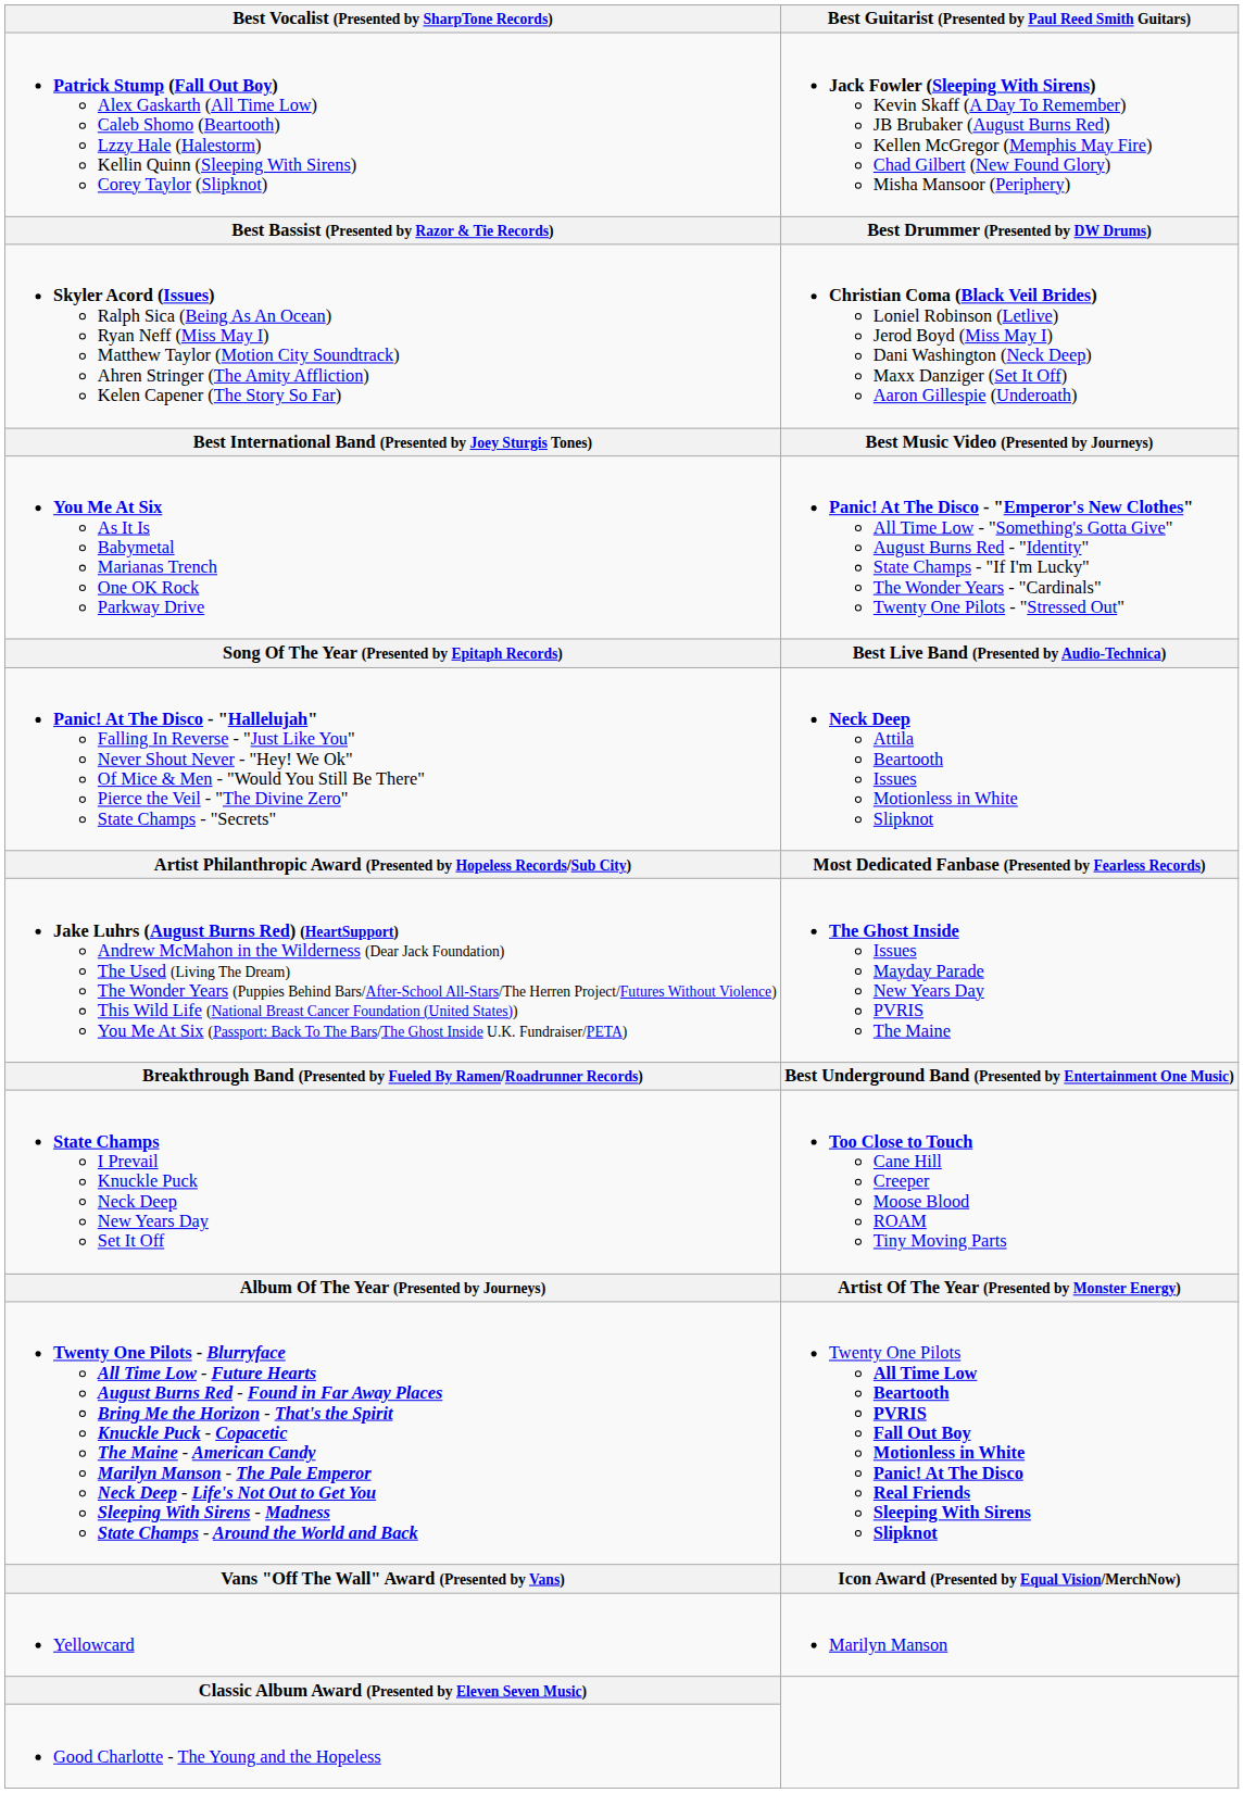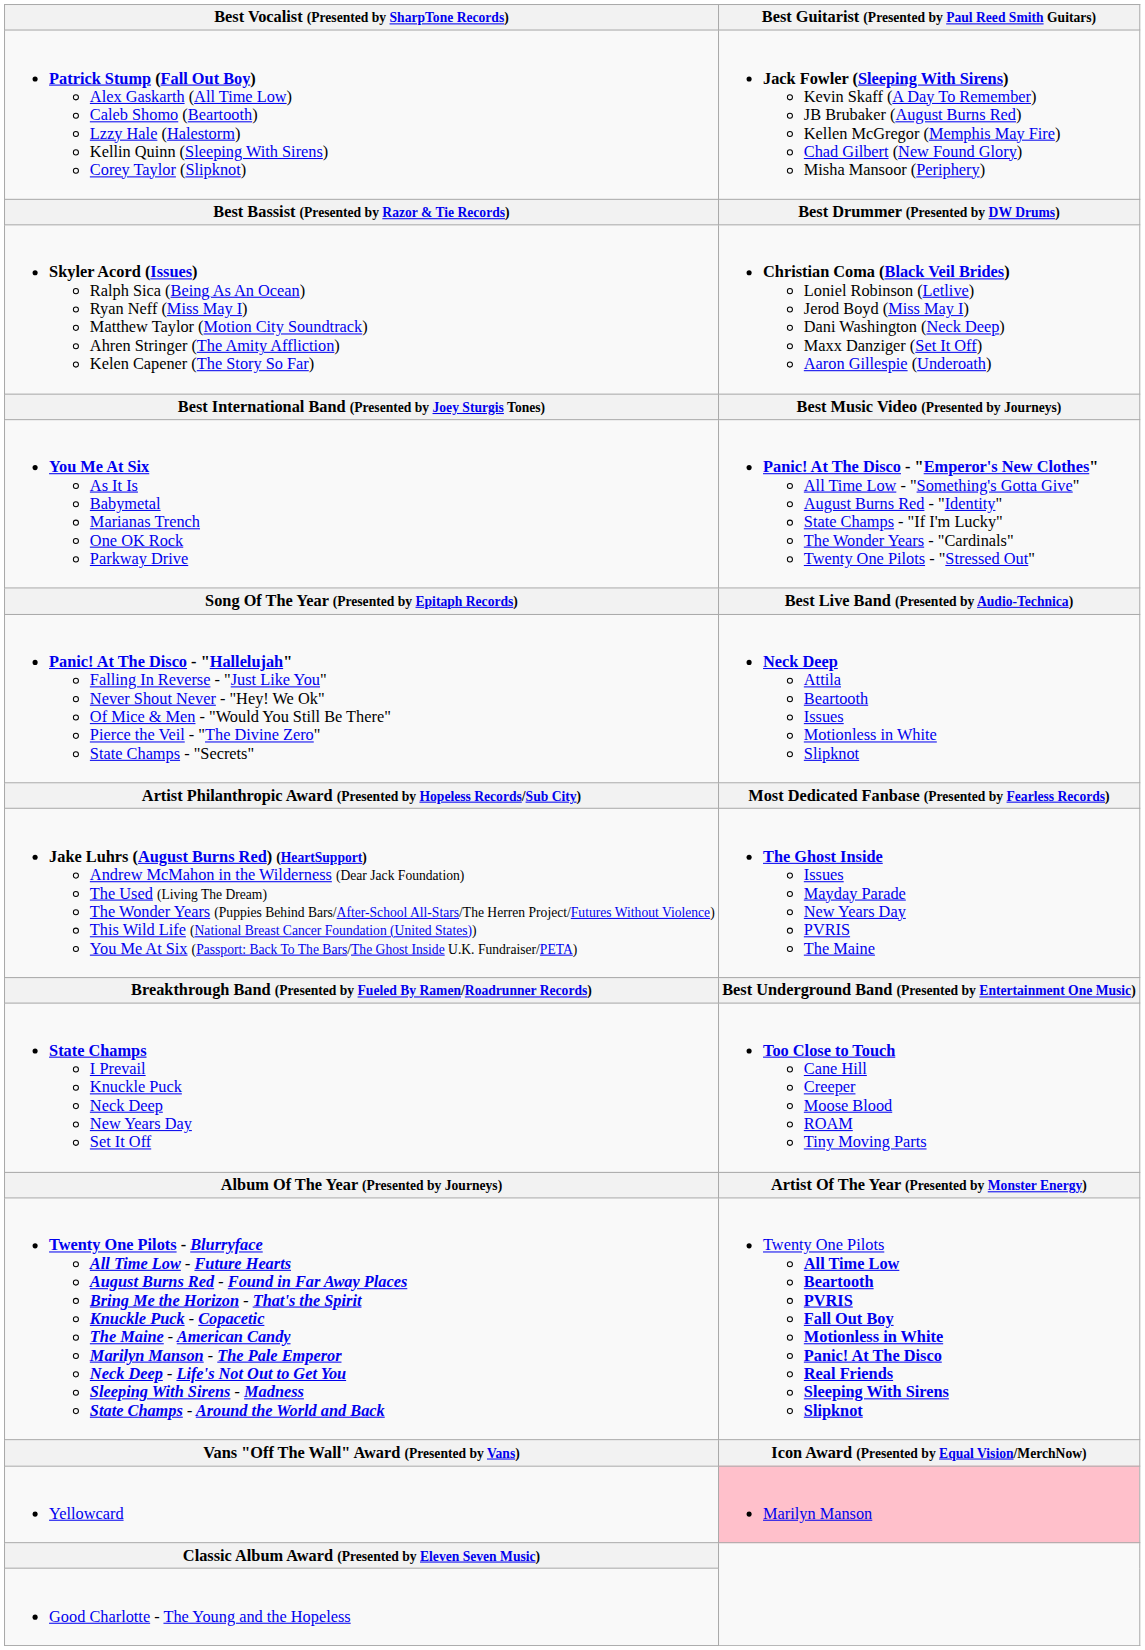 <table class="wikitable">
 <tr>
 <th>Best Vocalist <small>(Presented by <a href='#'>SharpTone Records</a>)</small></th>
 <th>Best Guitarist <small>(Presented by <a href='#'>Paul Reed Smith</a> Guitars)</small></th>
 </tr>
 <tr>
 <td valign="top"><br><ul><li><strong><a href='#'>Patrick Stump</a> (<a href='#'>Fall Out Boy</a>)</strong><ul><li><a href='#'>Alex Gaskarth</a> (<a href='#'>All Time Low</a>)</li><li><a href='#'>Caleb Shomo</a> (<a href='#'>Beartooth</a>)</li><li><a href='#'>Lzzy Hale</a> (<a href='#'>Halestorm</a>)</li><li>Kellin Quinn (<a href='#'>Sleeping With Sirens</a>)</li><li><a href='#'>Corey Taylor</a> (<a href='#'>Slipknot</a>)</li></ul></li></ul></td>
 <td valign="top"><br><ul><li><strong>Jack Fowler (<a href='#'>Sleeping With Sirens</a>)</strong><ul><li>Kevin Skaff (<a href='#'>A Day To Remember</a>)</li><li>JB Brubaker (<a href='#'>August Burns Red</a>)</li><li>Kellen McGregor (<a href='#'>Memphis May Fire</a>)</li><li><a href='#'>Chad Gilbert</a> (<a href='#'>New Found Glory</a>)</li><li>Misha Mansoor (<a href='#'>Periphery</a>)</li></ul></li></ul></td>
 </tr>
 <tr>
 <th>Best Bassist <small>(Presented by <a href='#'>Razor & Tie Records</a>)</small></th>
 <th>Best Drummer <small>(Presented by <a href='#'>DW Drums</a>)</small></th>
 </tr>
 <tr>
 <td valign="top"><br><ul><li><strong>Skyler Acord (<a href='#'>Issues</a>)</strong><ul><li>Ralph Sica (<a href='#'>Being As An Ocean</a>)</li><li>Ryan Neff (<a href='#'>Miss May I</a>)</li><li>Matthew Taylor (<a href='#'>Motion City Soundtrack</a>)</li><li>Ahren Stringer (<a href='#'>The Amity Affliction</a>)</li><li>Kelen Capener (<a href='#'>The Story So Far</a>)</li></ul></li></ul></td>
 <td valign="top"><br><ul><li><strong>Christian Coma (<a href='#'>Black Veil Brides</a>)</strong><ul><li>Loniel Robinson (<a href='#'>Letlive</a>)</li><li>Jerod Boyd (<a href='#'>Miss May I</a>)</li><li>Dani Washington (<a href='#'>Neck Deep</a>)</li><li>Maxx Danziger (<a href='#'>Set It Off</a>)</li><li><a href='#'>Aaron Gillespie</a> (<a href='#'>Underoath</a>)</li></ul></li></ul></td>
 </tr>
 <tr>
 <th>Best International Band <small>(Presented by <a href='#'>Joey Sturgis</a> Tones)</small></th>
 <th>Best Music Video <small>(Presented by Journeys)</small></th>
 </tr>
 <tr>
 <td valign="top"><br><ul><li><strong><a href='#'>You Me At Six</a></strong><ul><li><a href='#'>As It Is</a></li><li><a href='#'>Babymetal</a></li><li><a href='#'>Marianas Trench</a></li><li><a href='#'>One OK Rock</a></li><li><a href='#'>Parkway Drive</a></li></ul></li></ul></td>
 <td valign="top"><br><ul><li><strong><a href='#'>Panic! At The Disco</a> - "<a href='#'>Emperor's New Clothes</a>" </strong><ul><li><a href='#'>All Time Low</a> - "<a href='#'>Something's Gotta Give</a>"</li><li><a href='#'>August Burns Red</a> - "<a href='#'>Identity</a>"</li><li><a href='#'>State Champs</a> - "If I'm Lucky"</li><li><a href='#'>The Wonder Years</a> - "Cardinals"</li><li><a href='#'>Twenty One Pilots</a> - "<a href='#'>Stressed Out</a>"</li></ul></li></ul></td>
 </tr>
 <tr>
 <th>Song Of The Year <small>(Presented by <a href='#'>Epitaph Records</a>)</small></th>
 <th>Best Live Band <small>(Presented by <a href='#'>Audio-Technica</a>)</small></th>
 </tr>
 <tr>
 <td valign="top"><br><ul><li><strong><a href='#'>Panic! At The Disco</a> - "<a href='#'>Hallelujah</a>" </strong><ul><li><a href='#'>Falling In Reverse</a> - "<a href='#'>Just Like You</a>"</li><li><a href='#'>Never Shout Never</a> - "Hey! We Ok"</li><li><a href='#'>Of Mice & Men</a> - "Would You Still Be There"</li><li><a href='#'>Pierce the Veil</a> - "<a href='#'>The Divine Zero</a>"</li><li><a href='#'>State Champs</a> - "Secrets"</li></ul></li></ul></td>
 <td valign="top"><br><ul><li><strong><a href='#'>Neck Deep</a></strong><ul><li><a href='#'>Attila</a></li><li><a href='#'>Beartooth</a></li><li><a href='#'>Issues</a></li><li><a href='#'>Motionless in White</a></li><li><a href='#'>Slipknot</a></li></ul></li></ul></td>
 </tr>
 <tr>
 <th>Artist Philanthropic Award <small>(Presented by <a href='#'>Hopeless Records</a>/<a href='#'>Sub City</a>)</small></th>
 <th>Most Dedicated Fanbase <small>(Presented by <a href='#'>Fearless Records</a>)</small></th>
 </tr>
 <tr>
 <td valign="top"><br><ul><li><strong>Jake Luhrs (<a href='#'>August Burns Red</a>) <small>(<a href='#'>HeartSupport</a>)</small></strong><ul><li><a href='#'>Andrew McMahon in the Wilderness</a> <small>(Dear Jack Foundation)</small></li><li><a href='#'>The Used</a> <small>(Living The Dream)</small></li><li><a href='#'>The Wonder Years</a> <small>(Puppies Behind Bars/<a href='#'>After-School All-Stars</a>/The Herren Project/<a href='#'>Futures Without Violence</a>)</small></li><li><a href='#'>This Wild Life</a> <small>(<a href='#'>National Breast Cancer Foundation (United States)</a>)</small></li><li><a href='#'>You Me At Six</a> <small>(<a href='#'>Passport: Back To The Bars</a>/<a href='#'>The Ghost Inside</a> U.K. Fundraiser/<a href='#'>PETA</a>)</small></li></ul></li></ul></td>
 <td valign="top"><br><ul><li><strong><a href='#'>The Ghost Inside</a></strong><ul><li><a href='#'>Issues</a></li><li><a href='#'>Mayday Parade</a></li><li><a href='#'>New Years Day</a></li><li><a href='#'>PVRIS</a></li><li><a href='#'>The Maine</a></li></ul></li></ul></td>
 </tr>
 <tr>
 <th>Breakthrough Band <small>(Presented by <a href='#'>Fueled By Ramen</a>/<a href='#'>Roadrunner Records</a>)</small></th>
 <th>Best Underground Band <small>(Presented by <a href='#'>Entertainment One Music</a>)</small></th>
 </tr>
 <tr>
 <td valign="top"><br><ul><li><strong><a href='#'>State Champs</a></strong><ul><li><a href='#'>I Prevail</a></li><li><a href='#'>Knuckle Puck</a></li><li><a href='#'>Neck Deep</a></li><li><a href='#'>New Years Day</a></li><li><a href='#'>Set It Off</a></li></ul></li></ul></td>
 <td valign="top"><br><ul><li><strong><a href='#'>Too Close to Touch</a></strong><ul><li><a href='#'>Cane Hill</a></li><li><a href='#'>Creeper</a></li><li><a href='#'>Moose Blood</a></li><li><a href='#'>ROAM</a></li><li><a href='#'>Tiny Moving Parts</a></li></ul></li></ul></td>
 </tr>
 <tr>
 <th>Album Of The Year <small>(Presented by Journeys)</small></th>
 <th>Artist Of The Year <small>(Presented by <a href='#'>Monster Energy</a>)</small></th>
 </tr>
 <tr>
 <td valign="top"><br><ul><li><strong><a href='#'>Twenty One Pilots</a> - <em><a href='#'>Blurryface</a><strong><em><ul><li><a href='#'>All Time Low</a> - </em><a href='#'>Future Hearts</a><em></li><li><a href='#'>August Burns Red</a> - </em><a href='#'>Found in Far Away Places</a><em></li><li><a href='#'>Bring Me the Horizon</a> - </em><a href='#'>That's the Spirit</a><em></li><li><a href='#'>Knuckle Puck</a> - </em><a href='#'>Copacetic</a><em></li><li><a href='#'>The Maine</a> - </em><a href='#'>American Candy</a><em></li><li><a href='#'>Marilyn Manson</a> - </em><a href='#'>The Pale Emperor</a><em></li><li><a href='#'>Neck Deep</a> - </em><a href='#'>Life's Not Out to Get You</a><em></li><li><a href='#'>Sleeping With Sirens</a> - </em><a href='#'>Madness</a><em></li><li><a href='#'>State Champs</a> - </em><a href='#'>Around the World and Back</a><em></li></ul></li></ul></td>
 <td valign="top"><br><ul><li></strong><a href='#'>Twenty One Pilots</a><strong><ul><li><a href='#'>All Time Low</a></li><li><a href='#'>Beartooth</a></li><li><a href='#'>PVRIS</a></li><li><a href='#'>Fall Out Boy</a></li><li><a href='#'>Motionless in White</a></li><li><a href='#'>Panic! At The Disco</a></li><li><a href='#'>Real Friends</a></li><li><a href='#'>Sleeping With Sirens</a></li><li><a href='#'>Slipknot</a></li></ul></li></ul></td>
 </tr>
 <tr>
 <th>Vans "Off The Wall" Award <small>(Presented by <a href='#'>Vans</a>)</small></th>
 <th>Icon Award <small>(Presented by <a href='#'>Equal Vision</a>/MerchNow)</small></th>
 </tr>
 <tr>
 <td valign="top"><br><ul><li></strong><a href='#'>Yellowcard</a><strong></li></ul></td>
-<td valign="top"><br><ul><li></strong><a href='#'>Marilyn Manson</a><strong></li></ul></td>
+<td valign="top" style="background: pink;"><br><ul><li></strong><a href='#'>Marilyn Manson</a><strong></li></ul></td>
 </tr>
 <tr>
 <th>Classic Album Award <small>(Presented by <a href='#'>Eleven Seven Music</a>)</small></th>
 </tr>
 <tr>
 <td valign="top"><br><ul><li></strong><a href='#'>Good Charlotte</a> - </em><a href='#'>The Young and the Hopeless</a></em></strong></li></ul></td>
 </tr>
 <tr>
 </tr>
 </table>
